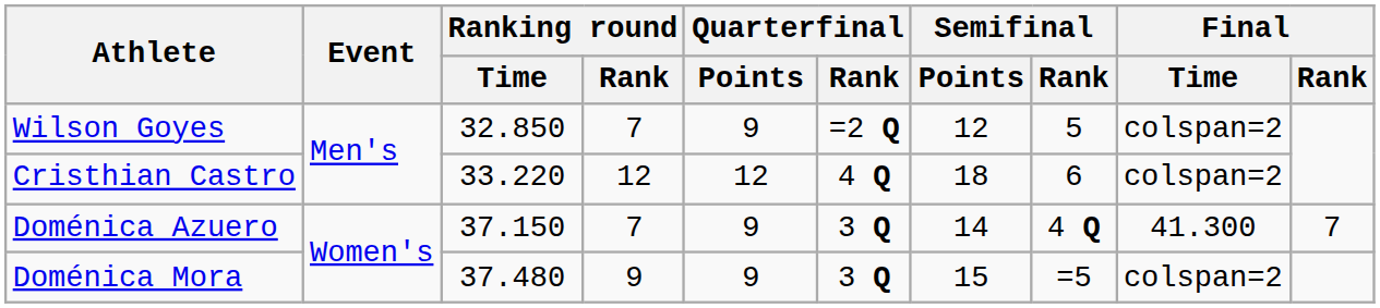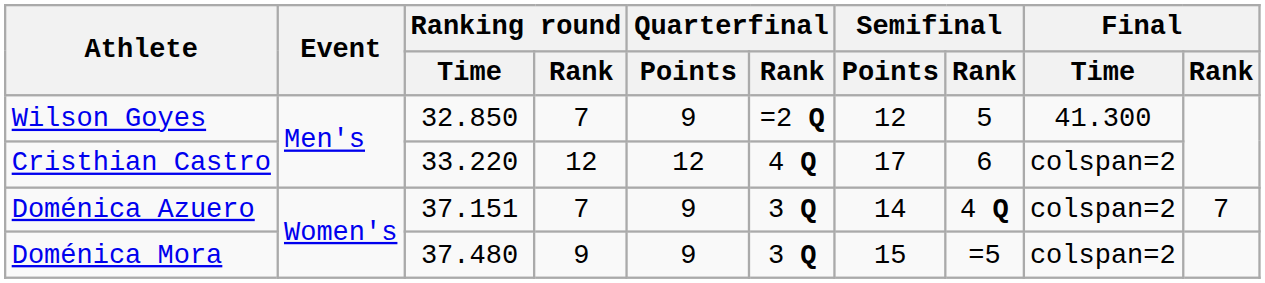 <table class="wikitable" border="1" style="font-size:90%">
 <tr>
 <th rowspan=2>Athlete</th>
 <th rowspan=2>Event</th>
 <th colspan=2>Ranking round</th>
 <th colspan=2>Quarterfinal</th>
 <th colspan=2>Semifinal</th>
 <th colspan=2>Final</th>
 </tr>
 <tr>
 <th>Time</th>
 <th>Rank</th>
 <th>Points</th>
 <th>Rank</th>
 <th>Points</th>
 <th>Rank</th>
 <th>Time</th>
 <th>Rank</th>
 </tr>
 <tr align=center>
 <td align=left><a href='#'>Wilson Goyes</a></td>
 <td align=left rowspan=2><a href='#'>Men's</a></td>
 <td>32.850</td>
 <td>7</td>
 <td>9</td>
 <td>=2 <strong>Q</strong></td>
 <td>12</td>
 <td>5</td>
-<td>colspan=2 </td>
+<td>41.300</td>
 </tr>
 <tr align=center>
 <td align=left><a href='#'>Cristhian Castro</a></td>
 <td>33.220</td>
 <td>12</td>
 <td>12</td>
 <td>4 <strong>Q</strong></td>
-<td>18</td>
+<td>17</td>
 <td>6</td>
 <td>colspan=2 </td>
 </tr>
 <tr align=center>
 <td align=left><a href='#'>Doménica Azuero</a></td>
 <td align=left rowspan=2><a href='#'>Women's</a></td>
-<td>37.150</td>
+<td>37.151</td>
 <td>7</td>
 <td>9</td>
 <td>3 <strong>Q</strong></td>
 <td>14</td>
 <td>4 <strong>Q</strong></td>
-<td>41.300</td>
+<td>colspan=2 </td>
 <td>7</td>
 </tr>
 <tr align=center>
 <td align=left><a href='#'>Doménica Mora</a></td>
 <td>37.480</td>
 <td>9</td>
 <td>9</td>
 <td>3 <strong>Q</strong></td>
 <td>15</td>
 <td>=5</td>
 <td>colspan=2 </td>
 </tr>
 </table>
